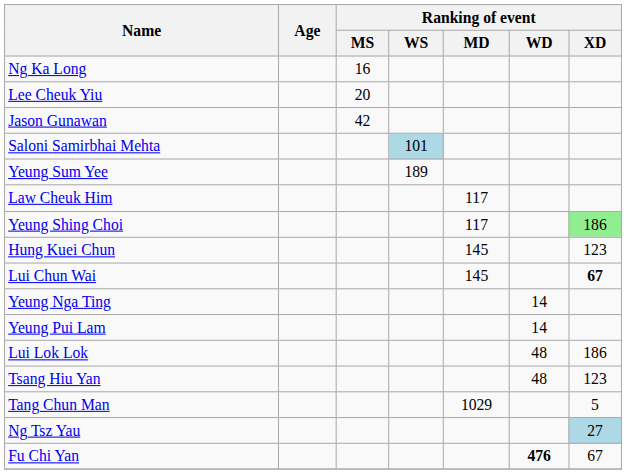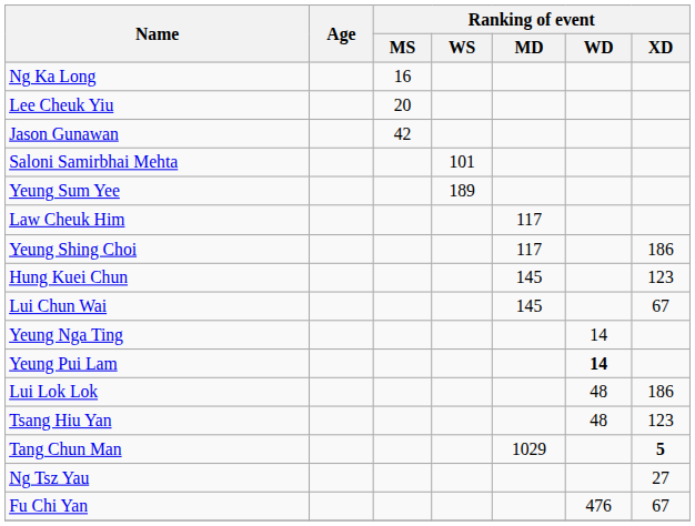 <table class="wikitable" style="width:600px; font-size:95%; text-align:center">
 <tr>
 <th rowspan="2" align="left">Name</th>
 <th rowspan="2" align="left">Age</th>
 <th colspan="5" align="center">Ranking of event</th>
 </tr>
 <tr>
 <th align="left">MS</th>
 <th align="left">WS</th>
 <th align="left">MD</th>
 <th align="left">WD</th>
 <th align="left">XD</th>
 </tr>
 <tr>
 <td align="left"><a href='#'>Ng Ka Long</a></td>
 <td align="left"></td>
 <td>16</td>
 <td></td>
 <td></td>
 <td></td>
 <td></td>
 </tr>
 <tr>
 <td align="left"><a href='#'>Lee Cheuk Yiu</a></td>
 <td align="left"></td>
 <td>20</td>
 <td></td>
 <td></td>
 <td></td>
 <td></td>
 </tr>
 <tr>
 <td align="left"><a href='#'>Jason Gunawan</a></td>
 <td align="left"></td>
 <td>42</td>
 <td></td>
 <td></td>
 <td></td>
 <td></td>
 </tr>
 <tr>
 <td align="left"><a href='#'>Saloni Samirbhai Mehta</a></td>
 <td align="left"></td>
 <td></td>
-<td style="background: lightblue;">101</td>
+<td>101</td>
 <td></td>
 <td></td>
 <td></td>
 </tr>
 <tr>
 <td align="left"><a href='#'>Yeung Sum Yee</a></td>
 <td align="left"></td>
 <td></td>
 <td>189</td>
 <td></td>
 <td></td>
 <td></td>
 </tr>
 <tr>
 <td align="left"><a href='#'>Law Cheuk Him</a></td>
 <td align="left"></td>
 <td></td>
 <td></td>
 <td>117</td>
 <td></td>
 <td></td>
 </tr>
 <tr>
 <td align="left"><a href='#'>Yeung Shing Choi</a></td>
 <td align="left"></td>
 <td></td>
 <td></td>
 <td>117</td>
 <td></td>
-<td style="background: lightgreen;">186</td>
+<td>186</td>
 </tr>
 <tr>
 <td align="left"><a href='#'>Hung Kuei Chun</a></td>
 <td align="left"></td>
 <td></td>
 <td></td>
 <td>145</td>
 <td></td>
 <td>123</td>
 </tr>
 <tr>
 <td align="left"><a href='#'>Lui Chun Wai</a></td>
 <td align="left"></td>
 <td></td>
 <td></td>
 <td>145</td>
 <td></td>
-<td><strong>67</strong></td>
+<td>67</td>
 </tr>
 <tr>
 <td align="left"><a href='#'>Yeung Nga Ting</a></td>
 <td align="left"></td>
 <td></td>
 <td></td>
 <td></td>
 <td>14</td>
 <td></td>
 </tr>
 <tr>
 <td align="left"><a href='#'>Yeung Pui Lam</a></td>
 <td align="left"></td>
 <td></td>
 <td></td>
 <td></td>
-<td>14</td>
+<td><strong>14</strong></td>
 <td></td>
 </tr>
 <tr>
 <td align="left"><a href='#'>Lui Lok Lok</a></td>
 <td align="left"></td>
 <td></td>
 <td></td>
 <td></td>
 <td>48</td>
 <td>186</td>
 </tr>
 <tr>
 <td align="left"><a href='#'>Tsang Hiu Yan</a></td>
 <td align="left"></td>
 <td></td>
 <td></td>
 <td></td>
 <td>48</td>
 <td>123</td>
 </tr>
 <tr>
 <td align="left"><a href='#'>Tang Chun Man</a></td>
 <td align="left"></td>
 <td></td>
 <td></td>
 <td>1029</td>
 <td></td>
-<td>5</td>
+<td><strong>5</strong></td>
 </tr>
 <tr>
 <td align="left"><a href='#'>Ng Tsz Yau</a></td>
 <td align="left"></td>
 <td></td>
 <td></td>
 <td></td>
 <td></td>
-<td style="background: lightblue;">27</td>
+<td>27</td>
 </tr>
 <tr>
 <td align="left"><a href='#'>Fu Chi Yan</a></td>
 <td align="left"></td>
 <td></td>
 <td></td>
 <td></td>
-<td><strong>476</strong></td>
+<td>476</td>
 <td>67</td>
 </tr>
 <tr>
 </tr>
 </table>
